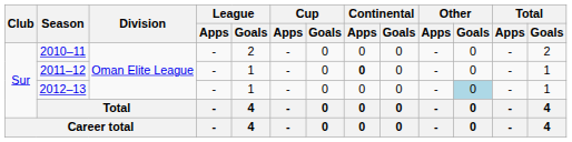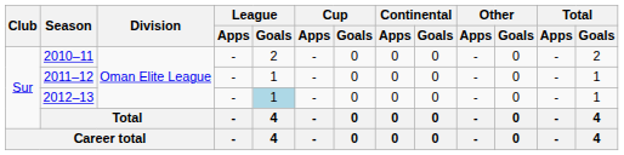 <table class="wikitable" style="text-align: center;">
 <tr>
 <th rowspan="2">Club</th>
 <th rowspan="2">Season</th>
 <th rowspan="2">Division</th>
 <th colspan="2">League</th>
 <th colspan="2">Cup</th>
 <th colspan="2">Continental</th>
 <th colspan="2">Other</th>
 <th colspan="2">Total</th>
 </tr>
 <tr>
 <th>Apps</th>
 <th>Goals</th>
 <th>Apps</th>
 <th>Goals</th>
 <th>Apps</th>
 <th>Goals</th>
 <th>Apps</th>
 <th>Goals</th>
 <th>Apps</th>
 <th>Goals</th>
 </tr>
 <tr>
 <td rowspan="4"><a href='#'>Sur</a></td>
 <td><a href='#'>2010–11</a></td>
 <td rowspan="3"><a href='#'>Oman Elite League</a></td>
 <td>-</td>
 <td>2</td>
 <td>-</td>
 <td>0</td>
 <td>0</td>
 <td>0</td>
 <td>-</td>
 <td>0</td>
 <td>-</td>
 <td>2</td>
 </tr>
 <tr>
 <td><a href='#'>2011–12</a></td>
 <td>-</td>
 <td>1</td>
 <td>-</td>
 <td>0</td>
-<td><strong>0</strong></td>
+<td>0</td>
 <td>0</td>
 <td>-</td>
 <td>0</td>
 <td>-</td>
 <td>1</td>
 </tr>
 <tr>
 <td><a href='#'>2012–13</a></td>
 <td>-</td>
-<td>1</td>
+<td style="background: lightblue;">1</td>
 <td>-</td>
 <td>0</td>
 <td>0</td>
 <td>0</td>
 <td>-</td>
-<td style="background: lightblue;">0</td>
+<td>0</td>
 <td>-</td>
 <td>1</td>
 </tr>
 <tr>
 <th colspan="2">Total</th>
 <th>-</th>
 <th>4</th>
 <th>-</th>
 <th>0</th>
 <th>0</th>
 <th>0</th>
 <th>-</th>
 <th>0</th>
 <th>-</th>
 <th>4</th>
 </tr>
 <tr>
 <th colspan="3">Career total</th>
 <th>-</th>
 <th>4</th>
 <th>-</th>
 <th>0</th>
 <th>0</th>
 <th>0</th>
 <th>-</th>
 <th>0</th>
 <th>-</th>
 <th>4</th>
 </tr>
 </table>
